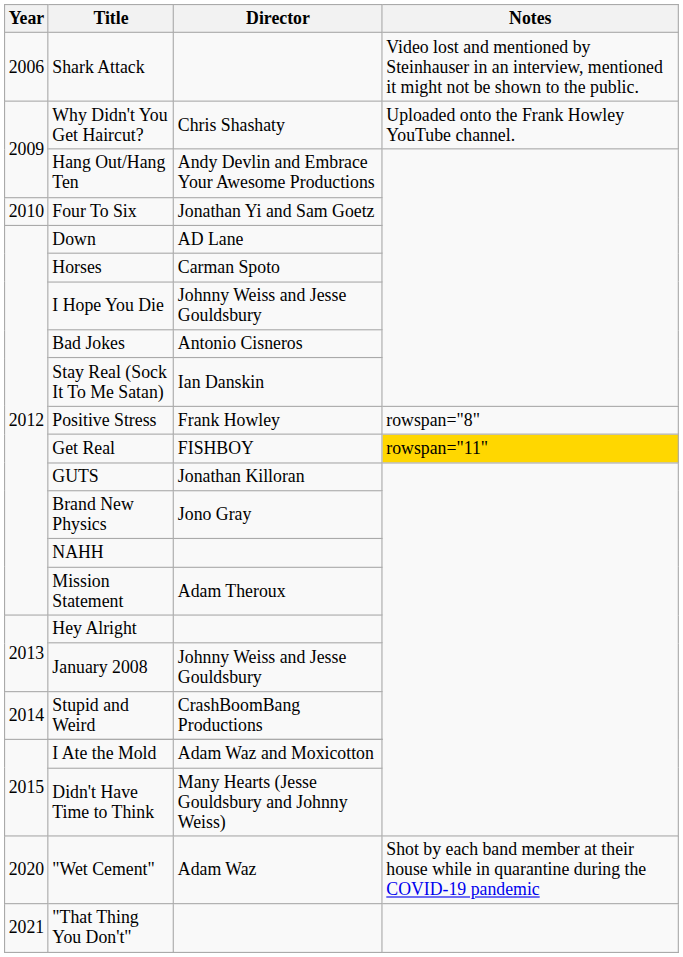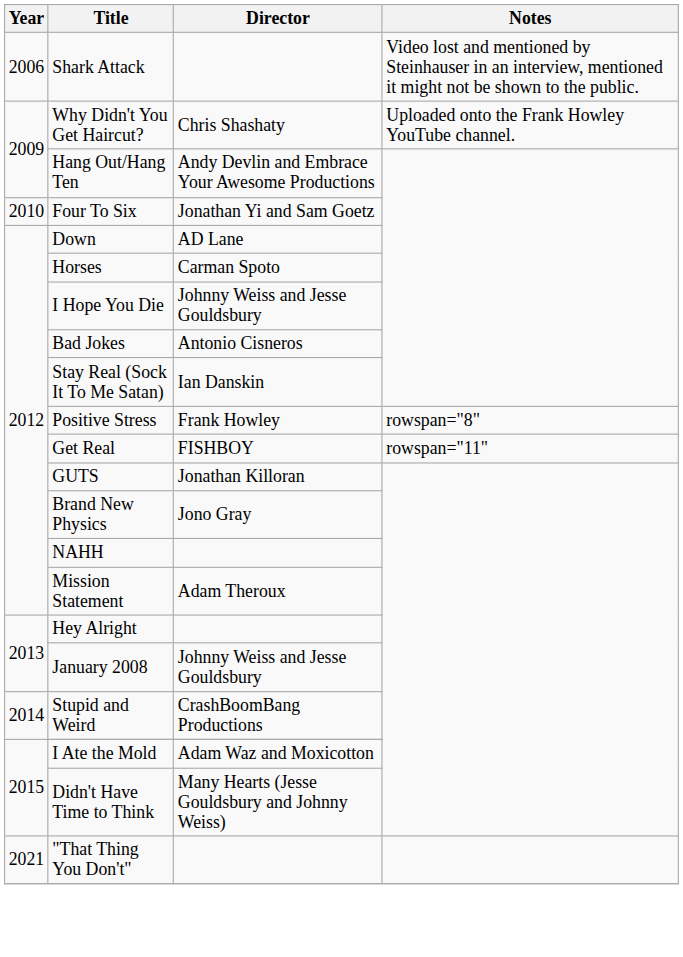 <table class="wikitable plainrowheaders">
 <tr>
 <th>Year</th>
 <th>Title</th>
 <th>Director</th>
 <th>Notes</th>
 </tr>
 <tr>
 <td>2006</td>
 <td>Shark Attack</td>
 <td></td>
 <td>Video lost and mentioned by Steinhauser in an interview, mentioned it might not be shown to the public.</td>
 </tr>
 <tr>
 <td rowspan="2">2009</td>
 <td>Why Didn't You Get Haircut?</td>
 <td>Chris Shashaty</td>
 <td>Uploaded onto the Frank Howley YouTube channel.</td>
 </tr>
 <tr>
 <td>Hang Out/Hang Ten</td>
 <td>Andy Devlin and Embrace Your Awesome Productions</td>
 </tr>
 <tr>
 <td>2010</td>
 <td>Four To Six</td>
 <td>Jonathan Yi and Sam Goetz</td>
 </tr>
 <tr>
 <td rowspan="11">2012</td>
 <td>Down</td>
 <td>AD Lane</td>
 </tr>
 <tr>
 <td>Horses</td>
 <td>Carman Spoto</td>
 </tr>
 <tr>
 <td>I Hope You Die</td>
 <td>Johnny Weiss and Jesse Gouldsbury</td>
 </tr>
 <tr>
 <td>Bad Jokes</td>
 <td>Antonio Cisneros</td>
 </tr>
 <tr>
 <td>Stay Real (Sock It To Me Satan)</td>
 <td>Ian Danskin</td>
 </tr>
 <tr>
 <td>Positive Stress</td>
 <td>Frank Howley</td>
 <td>rowspan="8" </td>
 </tr>
 <tr>
 <td>Get Real</td>
 <td>FISHBOY</td>
-<td style="background: gold;">rowspan="11" </td>
+<td>rowspan="11" </td>
 </tr>
 <tr>
 <td>GUTS</td>
 <td>Jonathan Killoran</td>
 </tr>
 <tr>
 <td>Brand New Physics</td>
 <td>Jono Gray</td>
 </tr>
 <tr>
 <td>NAHH</td>
 <td></td>
 </tr>
 <tr>
 <td>Mission Statement</td>
 <td>Adam Theroux</td>
 </tr>
 <tr>
 <td rowspan=2>2013</td>
 <td>Hey Alright</td>
 <td></td>
 </tr>
 <tr>
 <td>January 2008</td>
 <td>Johnny Weiss and Jesse Gouldsbury</td>
 </tr>
 <tr>
 <td rowspan=1>2014</td>
 <td>Stupid and Weird</td>
 <td>CrashBoomBang Productions</td>
 </tr>
 <tr>
 <td rowspan=3>2015</td>
 </tr>
 <tr>
 <td>I Ate the Mold</td>
 <td>Adam Waz and Moxicotton</td>
 </tr>
 <tr>
 <td>Didn't Have Time to Think</td>
 <td>Many Hearts (Jesse Gouldsbury and Johnny Weiss)</td>
 </tr>
 <tr>
-<td>2020</td>
-<td>"Wet Cement"</td>
-<td>Adam Waz</td>
-<td>Shot by each band member at their house while in quarantine during the <a href='#'>COVID-19 pandemic</a></td>
-</tr>
-<tr>
 <td rowspan=1>2021</td>
 <td>"That Thing You Don't"</td>
 <td></td>
 <td></td>
 </tr>
 <tr>
 </tr>
 </table>
